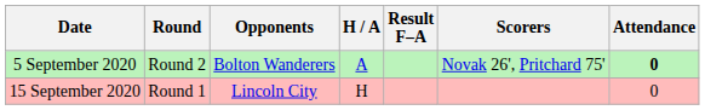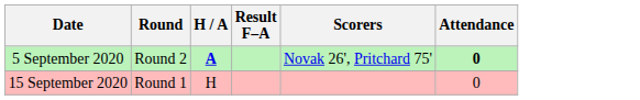 <table class="wikitable" style="text-align:center">
 <tr>
 <th>Date</th>
 <th>Round</th>
-<th>Opponents</th>
 <th>H / A</th>
 <th>Result<br>F–A</th>
 <th>Scorers</th>
 <th>Attendance</th>
 </tr>
 <tr bgcolor="#BBF3BB">
 <td>5 September 2020</td>
 <td>Round 2</td>
-<td><a href='#'>Bolton Wanderers</a></td>
-<td><a href='#'>A</a></td>
+<td><strong><a href='#'>A</a></strong></td>
 <td></td>
 <td><a href='#'>Novak</a> 26', <a href='#'>Pritchard</a> 75'</td>
 <td><strong>0</strong></td>
 </tr>
 <tr bgcolor="#FFBBBB">
 <td>15 September 2020</td>
 <td>Round 1</td>
-<td><a href='#'>Lincoln City</a></td>
 <td>H</td>
 <td></td>
 <td></td>
 <td>0</td>
 </tr>
 </table>
